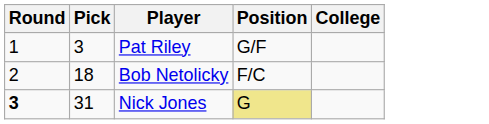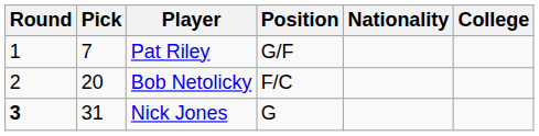 <table class="wikitable sortable sortable">
 <tr>
 <th>Round</th>
 <th>Pick</th>
 <th>Player</th>
 <th>Position</th>
+<th>Nationality</th>
 <th>College</th>
 </tr>
 <tr>
 <td>1</td>
-<td>3</td>
+<td>7</td>
 <td><a href='#'>Pat Riley</a></td>
 <td>G/F</td>
+<td></td>
 <td></td>
 </tr>
 <tr>
 <td>2</td>
-<td>18</td>
+<td>20</td>
 <td><a href='#'>Bob Netolicky</a></td>
 <td>F/C</td>
+<td></td>
 <td></td>
 </tr>
 <tr>
 <td><strong>3</strong></td>
 <td>31</td>
 <td><a href='#'>Nick Jones</a></td>
-<td style="background: khaki;">G</td>
+<td>G</td>
+<td></td>
 <td></td>
 </tr>
 </table>
